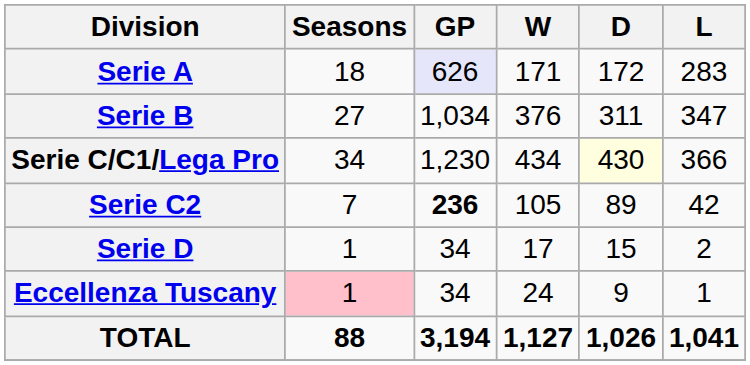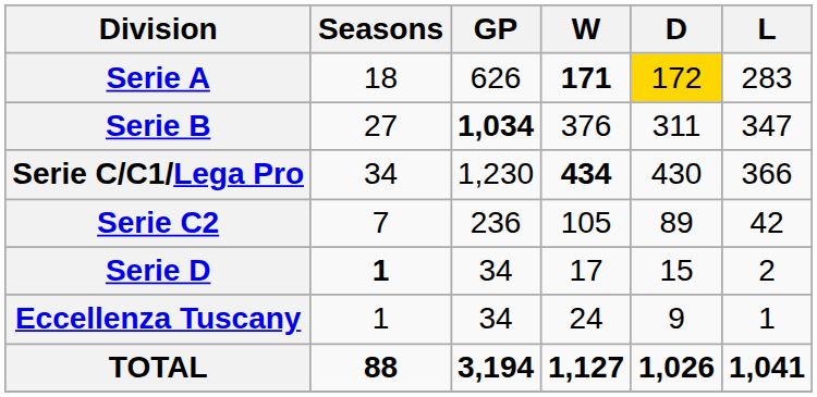 <table class="wikitable sortable" style="text-align: center">
 <tr>
 <th scope="col">Division</th>
 <th scope="col">Seasons</th>
 <th width="20" scope="col">GP</th>
 <th width="20" scope="col">W</th>
 <th width="20" scope="col">D</th>
 <th width="20" scope="col">L</th>
 </tr>
 <tr>
 <th scope="row"><a href='#'>Serie A</a></th>
 <td>18</td>
-<td style="background: lavender;">626</td>
-<td>171</td>
-<td>172</td>
+<td>626</td>
+<td><strong>171</strong></td>
+<td style="background: gold;">172</td>
 <td>283</td>
 </tr>
 <tr>
 <th scope="row"><a href='#'>Serie B</a></th>
 <td>27</td>
-<td>1,034</td>
+<td><strong>1,034</strong></td>
 <td>376</td>
 <td>311</td>
 <td>347</td>
 </tr>
 <tr>
 <th scope="row">Serie C/C1/<a href='#'>Lega Pro</a></th>
 <td>34</td>
 <td>1,230</td>
-<td>434</td>
-<td style="background: lightyellow;">430</td>
+<td><strong>434</strong></td>
+<td>430</td>
 <td>366</td>
 </tr>
 <tr>
 <th scope="row"><a href='#'>Serie C2</a></th>
 <td>7</td>
-<td><strong>236</strong></td>
+<td>236</td>
 <td>105</td>
 <td>89</td>
 <td>42</td>
 </tr>
 <tr>
 <th scope="row"><a href='#'>Serie D</a></th>
-<td>1</td>
+<td><strong>1</strong></td>
 <td>34</td>
 <td>17</td>
 <td>15</td>
 <td>2</td>
 </tr>
 <tr>
 <th scope="row"><a href='#'>Eccellenza Tuscany</a></th>
-<td style="background: pink;">1</td>
+<td>1</td>
 <td>34</td>
 <td>24</td>
 <td>9</td>
 <td>1</td>
 </tr>
 <tr>
 <th scope="row"><strong>TOTAL</strong></th>
 <td><strong>88</strong></td>
 <td><strong>3,194</strong></td>
 <td><strong>1,127</strong></td>
 <td><strong>1,026</strong></td>
 <td><strong>1,041</strong></td>
 </tr>
 <tr>
 </tr>
 </table>
